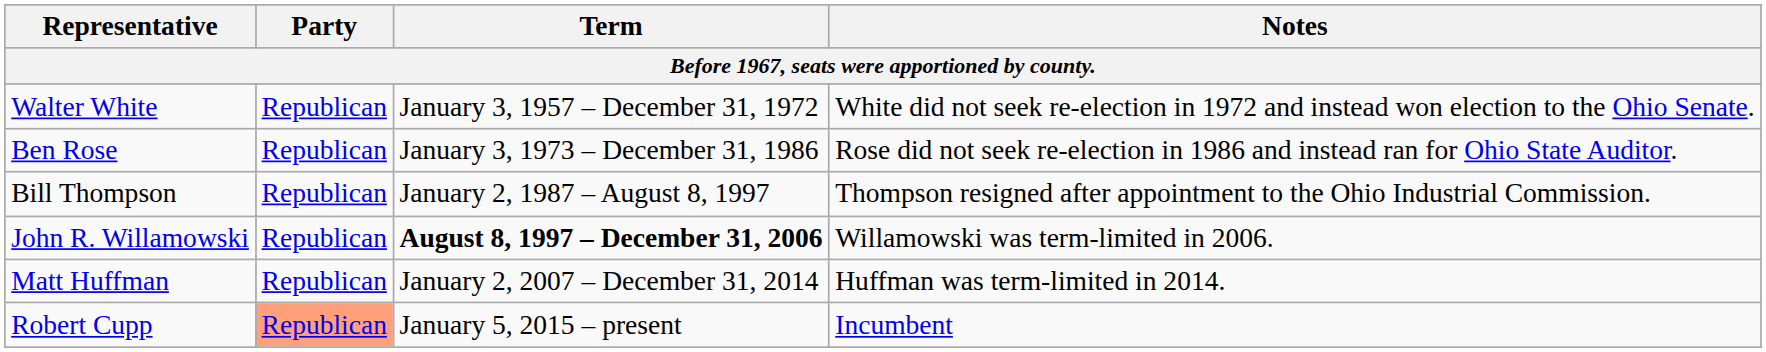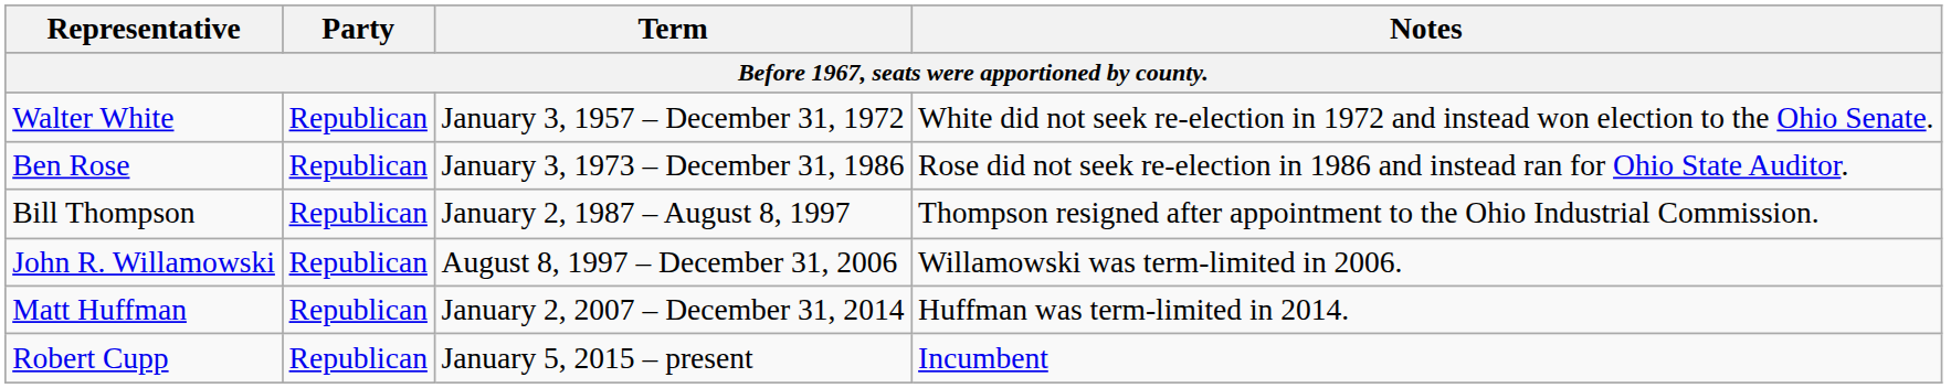 <table class=wikitable>
 <tr valign=bottom>
 <th>Representative</th>
 <th>Party</th>
 <th>Term</th>
 <th>Notes</th>
 </tr>
 <tr>
 <th colspan=5 style="font-size: 80%;"><em>Before 1967, seats were apportioned by county.</em></th>
 </tr>
 <tr>
 <td><a href='#'>Walter White</a></td>
 <td><a href='#'>Republican</a></td>
 <td>January 3, 1957 – December 31, 1972</td>
 <td>White did not seek re-election in 1972 and instead won election to the <a href='#'>Ohio Senate</a>.</td>
 </tr>
 <tr>
 <td><a href='#'>Ben Rose</a></td>
 <td><a href='#'>Republican</a></td>
 <td>January 3, 1973 – December 31, 1986</td>
 <td>Rose did not seek re-election in 1986 and instead ran for <a href='#'>Ohio State Auditor</a>.</td>
 </tr>
 <tr>
 <td>Bill Thompson</td>
 <td><a href='#'>Republican</a></td>
 <td>January 2, 1987 – August 8, 1997</td>
 <td>Thompson resigned after appointment to the Ohio Industrial Commission.</td>
 </tr>
 <tr>
 <td><a href='#'>John R. Willamowski</a></td>
 <td><a href='#'>Republican</a></td>
-<td><strong>August 8, 1997 – December 31, 2006</strong></td>
+<td>August 8, 1997 – December 31, 2006</td>
 <td>Willamowski was term-limited in 2006.</td>
 </tr>
 <tr>
 <td><a href='#'>Matt Huffman</a></td>
 <td><a href='#'>Republican</a></td>
 <td>January 2, 2007 – December 31, 2014</td>
 <td>Huffman was term-limited in 2014.</td>
 </tr>
 <tr>
 <td><a href='#'>Robert Cupp</a></td>
-<td style="background: lightsalmon;"><a href='#'>Republican</a></td>
+<td><a href='#'>Republican</a></td>
 <td>January 5, 2015 – present</td>
 <td><a href='#'>Incumbent</a></td>
 </tr>
 </table>
